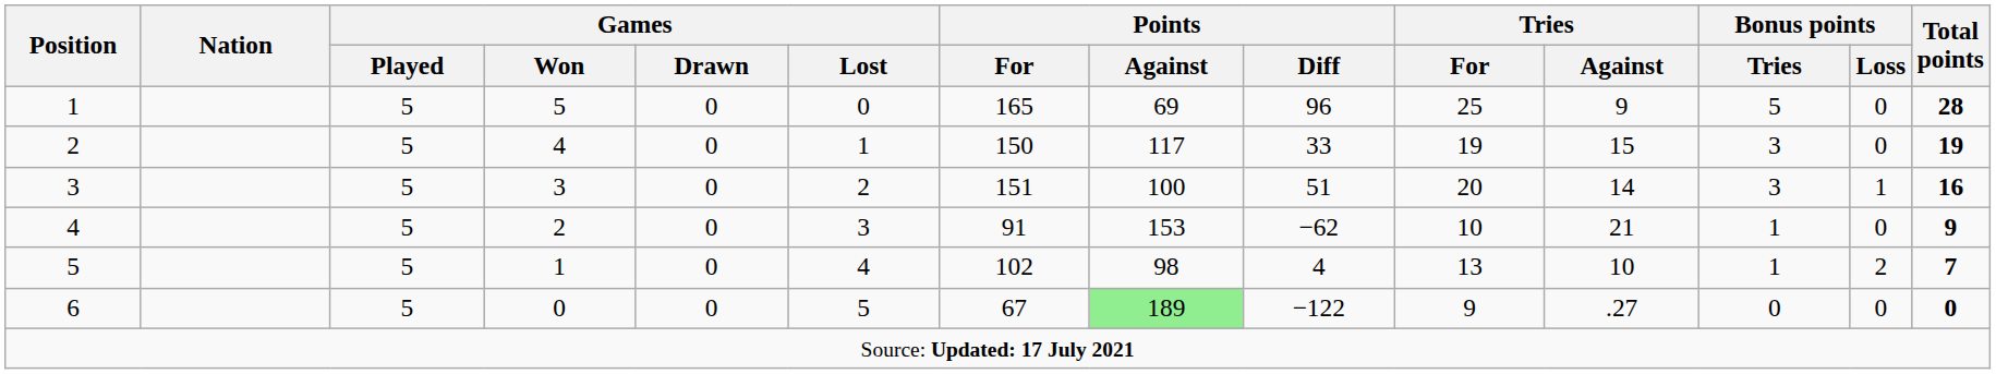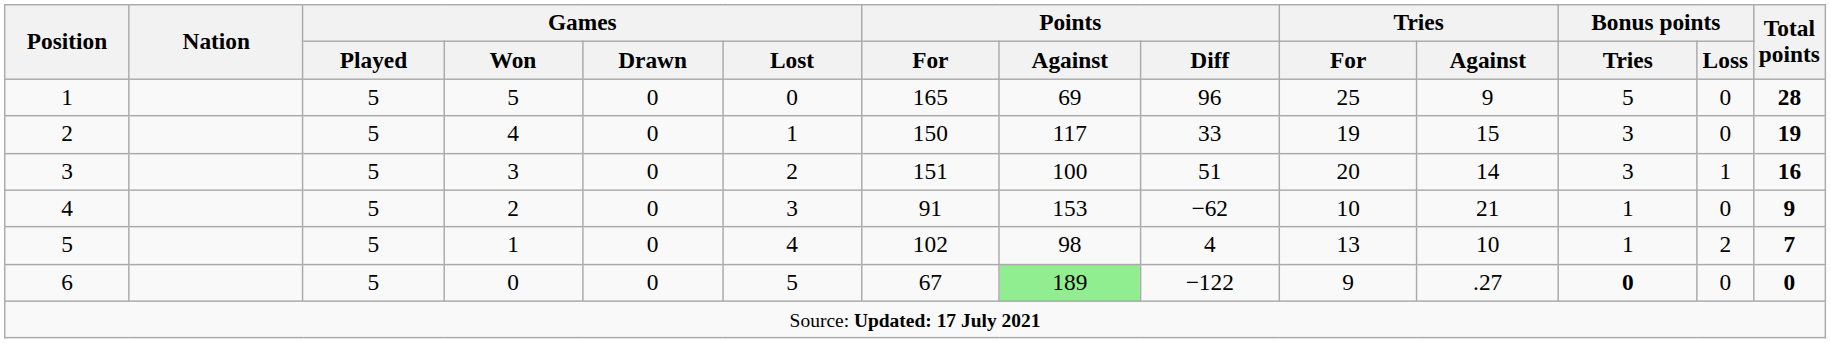 <table class="wikitable" style="text-align:center">
 <tr>
 <th rowspan="2" style="width:7%">Position</th>
 <th rowspan="2" style="width:10%">Nation</th>
 <th colspan="4" style="width:22%">Games</th>
 <th colspan="3" style="width:22%">Points</th>
 <th colspan="2" style="width:8%">Tries</th>
 <th colspan="2" style="width:18%">Bonus points <br></th>
 <th rowspan="2" style="width:10%">Total<br>points</th>
 </tr>
 <tr>
 <th style="width:8%">Played</th>
 <th style="width:8%">Won</th>
 <th style="width:8%">Drawn</th>
 <th style="width:8%">Lost</th>
 <th style="width:8%">For</th>
 <th style="width:8%">Against</th>
 <th style="width:8%">Diff</th>
 <th style="width:8%">For</th>
 <th style="width:8%">Against</th>
 <th style="width:8%">Tries</th>
 <th style="width:8%">Loss</th>
 </tr>
 <tr>
 <td>1</td>
 <td align="left"></td>
 <td>5</td>
 <td>5</td>
 <td>0</td>
 <td>0</td>
 <td>165</td>
 <td>69</td>
 <td>96</td>
 <td>25</td>
 <td>9</td>
 <td>5</td>
 <td>0</td>
 <td><strong>28</strong></td>
 </tr>
 <tr>
 <td>2</td>
 <td align="left"></td>
 <td>5</td>
 <td>4</td>
 <td>0</td>
 <td>1</td>
 <td>150</td>
 <td>117</td>
 <td>33</td>
 <td>19</td>
 <td>15</td>
 <td>3</td>
 <td>0</td>
 <td><strong>19</strong></td>
 </tr>
 <tr>
 <td>3</td>
 <td align="left"></td>
 <td>5</td>
 <td>3</td>
 <td>0</td>
 <td>2</td>
 <td>151</td>
 <td>100</td>
 <td>51</td>
 <td>20</td>
 <td>14</td>
 <td>3</td>
 <td>1</td>
 <td><strong>16</strong></td>
 </tr>
 <tr>
 <td>4</td>
 <td align="left"></td>
 <td>5</td>
 <td>2</td>
 <td>0</td>
 <td>3</td>
 <td>91</td>
 <td>153</td>
 <td>−62</td>
 <td>10</td>
 <td>21</td>
 <td>1</td>
 <td>0</td>
 <td><strong>9</strong></td>
 </tr>
 <tr>
 <td>5</td>
 <td align="left"></td>
 <td>5</td>
 <td>1</td>
 <td>0</td>
 <td>4</td>
 <td>102</td>
 <td>98</td>
 <td>4</td>
 <td>13</td>
 <td>10</td>
 <td>1</td>
 <td>2</td>
 <td><strong>7</strong></td>
 </tr>
 <tr>
 <td>6</td>
 <td align="left"></td>
 <td>5</td>
 <td>0</td>
 <td>0</td>
 <td>5</td>
 <td>67</td>
 <td style="background: lightgreen;">189</td>
 <td>−122</td>
 <td>9</td>
 <td>.27</td>
-<td>0</td>
+<td><strong>0</strong></td>
 <td>0</td>
 <td><strong>0</strong></td>
 </tr>
 <tr>
 <td colspan="14"><small>Source:   <strong>Updated: 17 July 2021 </strong> </small></td>
 </tr>
 </table>
